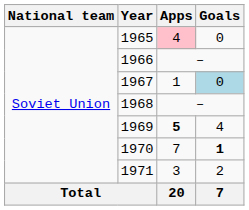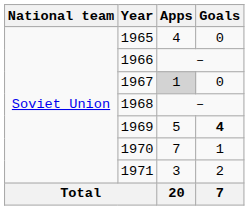 <table class="wikitable" style="text-align:center">
 <tr>
 <th>National team</th>
 <th>Year</th>
 <th>Apps</th>
 <th>Goals</th>
 </tr>
 <tr>
 <td rowspan="7"><a href='#'>Soviet Union</a></td>
 <td>1965</td>
-<td style="background: pink;">4</td>
+<td>4</td>
 <td>0</td>
 </tr>
 <tr>
 <td>1966</td>
 <td colspan=2>–</td>
 </tr>
 <tr>
 <td>1967</td>
-<td>1</td>
-<td style="background: lightblue;">0</td>
+<td style="background: lightgrey;">1</td>
+<td>0</td>
 </tr>
 <tr>
 <td>1968</td>
 <td colspan=2>–</td>
 </tr>
 <tr>
 <td>1969</td>
-<td><strong>5</strong></td>
-<td>4</td>
+<td>5</td>
+<td><strong>4</strong></td>
 </tr>
 <tr>
 <td>1970</td>
 <td>7</td>
-<td><strong>1</strong></td>
+<td>1</td>
 </tr>
 <tr>
 <td>1971</td>
 <td>3</td>
 <td>2</td>
 </tr>
 <tr>
 <th colspan="2">Total</th>
 <th>20</th>
 <th>7</th>
 </tr>
 </table>
